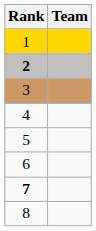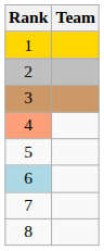 <table class="wikitable" style="margin: 0 auto;">
 <tr>
 <th>Rank</th>
 <th>Team</th>
 </tr>
 <tr bgcolor=gold>
 <td align=center>1</td>
 <td align=center></td>
 </tr>
 <tr bgcolor=silver>
-<td align=center><strong>2</strong></td>
+<td align=center>2</td>
 <td align=center></td>
 </tr>
 <tr bgcolor="#cc9966">
 <td align=center>3</td>
 <td align=center></td>
 </tr>
 <tr>
-<td align=center>4</td>
+<td align=center style="background: lightsalmon;">4</td>
 <td align=center></td>
 </tr>
 <tr>
 <td align=center>5</td>
 <td align=center></td>
 </tr>
 <tr>
-<td align=center>6</td>
+<td align=center style="background: lightblue;">6</td>
 <td align=center></td>
 </tr>
 <tr>
-<td align=center><strong>7</strong></td>
+<td align=center>7</td>
 <td align=center></td>
 </tr>
 <tr>
 <td align=center>8</td>
 <td align=center></td>
 </tr>
 </table>
